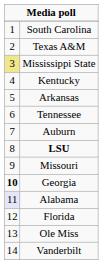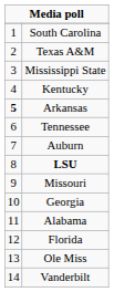 <table class="wikitable">
 <tr align="center">
 <td align="center" Colspan="3"><strong>Media poll</strong></td>
 </tr>
 <tr align="center">
 </tr>
 <tr align="center">
 <td>1</td>
 <td>South Carolina</td>
 </tr>
 <tr align="center">
 <td>2</td>
 <td>Texas A&M</td>
 </tr>
 <tr align="center">
-<td style="background: khaki;">3</td>
+<td>3</td>
 <td>Mississippi State</td>
 </tr>
 <tr align="center">
 <td>4</td>
 <td>Kentucky</td>
 </tr>
 <tr align="center">
-<td>5</td>
+<td><strong>5</strong></td>
 <td>Arkansas</td>
 </tr>
 <tr align="center">
 <td>6</td>
 <td>Tennessee</td>
 </tr>
 <tr align="center">
 <td>7</td>
 <td>Auburn</td>
 </tr>
 <tr align="center">
 <td>8</td>
 <td><strong>LSU</strong></td>
 </tr>
 <tr align="center">
 <td>9</td>
 <td>Missouri</td>
 </tr>
 <tr align="center">
-<td><strong>10</strong></td>
+<td>10</td>
 <td>Georgia</td>
 </tr>
 <tr align="center">
-<td style="background: lavender;">11</td>
+<td>11</td>
 <td>Alabama</td>
 </tr>
 <tr align="center">
 <td>12</td>
 <td>Florida</td>
 </tr>
 <tr align="center">
 <td>13</td>
 <td>Ole Miss</td>
 </tr>
 <tr align="center">
 <td>14</td>
 <td>Vanderbilt</td>
 </tr>
 </table>
